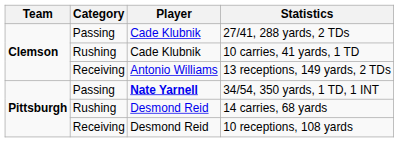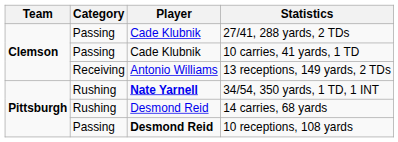 <table class="wikitable" style="float: right;">
 <tr>
 <th>Team</th>
 <th>Category</th>
 <th>Player</th>
 <th>Statistics</th>
 </tr>
 <tr>
 <td rowspan=3><strong>Clemson</strong></td>
 <td>Passing</td>
 <td><a href='#'>Cade Klubnik</a></td>
 <td>27/41, 288 yards, 2 TDs</td>
 </tr>
 <tr>
-<td>Rushing</td>
+<td>Passing</td>
 <td>Cade Klubnik</td>
 <td>10 carries, 41 yards, 1 TD</td>
 </tr>
 <tr>
 <td>Receiving</td>
 <td><a href='#'>Antonio Williams</a></td>
 <td>13 receptions, 149 yards, 2 TDs</td>
 </tr>
 <tr>
 <td rowspan=3><strong>Pittsburgh</strong></td>
-<td>Passing</td>
+<td>Rushing</td>
 <td><strong><a href='#'>Nate Yarnell</a></strong></td>
 <td>34/54, 350 yards, 1 TD, 1 INT</td>
 </tr>
 <tr>
 <td>Rushing</td>
 <td><a href='#'>Desmond Reid</a></td>
 <td>14 carries, 68 yards</td>
 </tr>
 <tr>
-<td>Receiving</td>
-<td>Desmond Reid</td>
+<td>Passing</td>
+<td><strong>Desmond Reid</strong></td>
 <td>10 receptions, 108 yards</td>
 </tr>
 </table>
